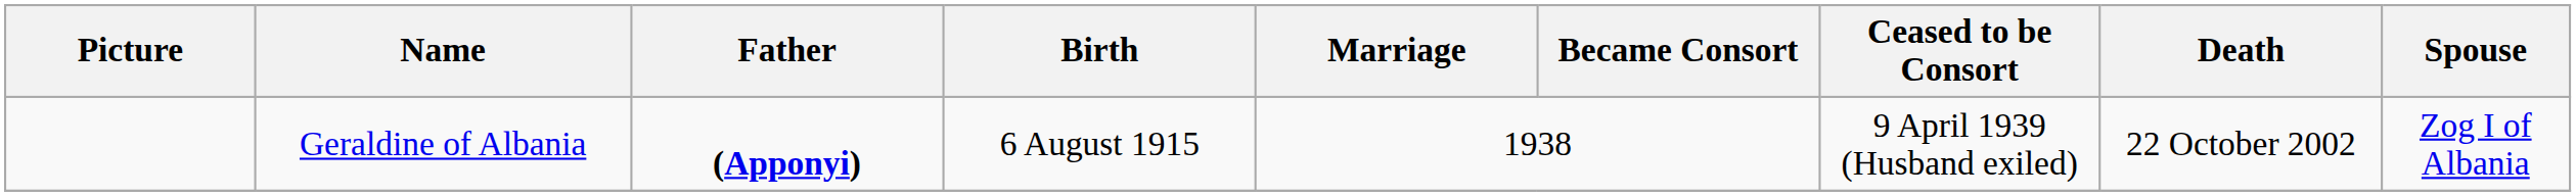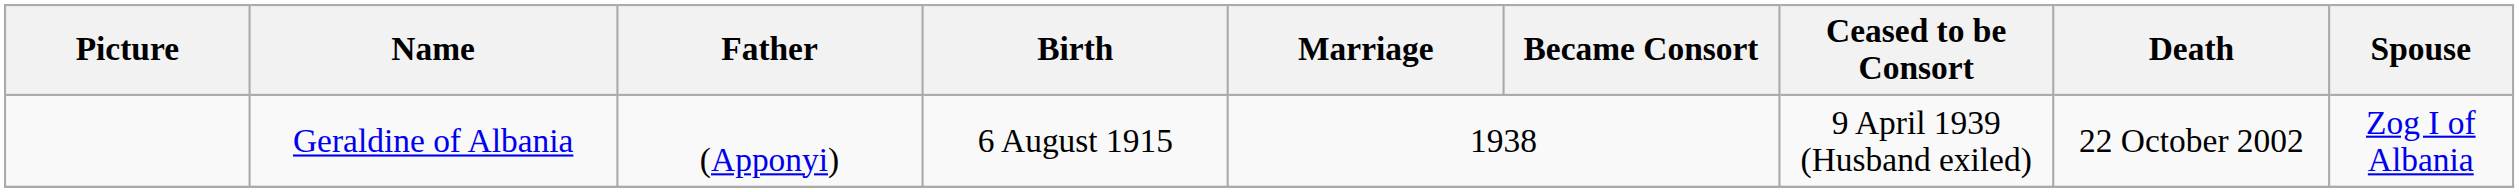 <table width=95% class="wikitable">
 <tr>
 <th width = "8%">Picture</th>
 <th width = "12%">Name</th>
 <th width = "10%">Father</th>
 <th width = "10%">Birth</th>
 <th width = "9%">Marriage</th>
 <th width = "9%">Became Consort</th>
 <th width = "9%">Ceased to be Consort</th>
 <th width = "9%">Death</th>
 <th width = "6%">Spouse</th>
 </tr>
 <tr>
 <td align="center"></td>
 <td align="center"><a href='#'>Geraldine of Albania</a></td>
-<td align=center><strong><br>(<a href='#'>Apponyi</a>)</strong></td>
+<td align=center><br>(<a href='#'>Apponyi</a>)</td>
 <td align="center">6 August 1915</td>
 <td align="center" colspan="2">1938</td>
 <td align="center">9 April 1939 (Husband exiled)</td>
 <td align="center">22 October 2002</td>
 <td align="center"><a href='#'>Zog I of Albania</a></td>
 </tr>
 <tr>
 </tr>
 </table>
